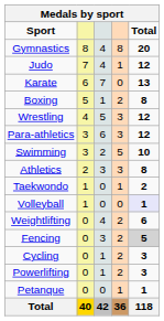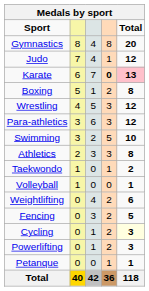 <table class="wikitable" style="font-size:85%; text-align:center;">
 <tr style="background:#efefef;">
 <th colspan=5>Medals by sport</th>
 </tr>
 <tr>
 <td><strong>Sport</strong></td>
 <td style="background:#f7f6a8;"></td>
 <td style="background:#dce5e5;"></td>
 <td style="background:#ffdab9;"></td>
 <td><strong>Total</strong></td>
 </tr>
 <tr>
 <td><a href='#'>Gymnastics</a></td>
 <td style="background:#F7F6A8;">8</td>
 <td style="background:#DCE5E5;">4</td>
 <td style="background:#FFDAB9;">8</td>
 <td><strong>20</strong></td>
 </tr>
 <tr>
 <td><a href='#'>Judo</a></td>
 <td style="background:#F7F6A8;">7</td>
 <td style="background:#DCE5E5;">4</td>
 <td style="background:#FFDAB9;">1</td>
 <td><strong>12</strong></td>
 </tr>
 <tr>
 <td><a href='#'>Karate</a></td>
 <td style="background:#F7F6A8;">6</td>
 <td style="background:#DCE5E5;">7</td>
-<td style="background:#FFDAB9;">0</td>
-<td><strong>13</strong></td>
+<td style="background:#FFDAB9;"><strong>0</strong></td>
+<td style="background: pink;"><strong>13</strong></td>
 </tr>
 <tr>
 <td><a href='#'>Boxing</a></td>
 <td style="background:#F7F6A8;">5</td>
 <td style="background:#DCE5E5;">1</td>
 <td style="background:#FFDAB9;">2</td>
 <td><strong>8</strong></td>
 </tr>
 <tr>
 <td><a href='#'>Wrestling</a></td>
 <td style="background:#F7F6A8;">4</td>
 <td style="background:#DCE5E5;">5</td>
 <td style="background:#FFDAB9;">3</td>
 <td><strong>12</strong></td>
 </tr>
 <tr>
 <td><a href='#'>Para-athletics</a></td>
 <td style="background:#F7F6A8;">3</td>
 <td style="background:#DCE5E5;">6</td>
 <td style="background:#FFDAB9;">3</td>
 <td><strong>12</strong></td>
 </tr>
 <tr>
 <td><a href='#'>Swimming</a></td>
 <td style="background:#F7F6A8;">3</td>
 <td style="background:#DCE5E5;">2</td>
 <td style="background:#FFDAB9;">5</td>
 <td><strong>10</strong></td>
 </tr>
 <tr>
 <td><a href='#'>Athletics</a></td>
 <td style="background:#F7F6A8;">2</td>
 <td style="background:#DCE5E5;">3</td>
 <td style="background:#FFDAB9;">3</td>
 <td><strong>8</strong></td>
 </tr>
 <tr>
 <td><a href='#'>Taekwondo</a></td>
 <td style="background:#F7F6A8;">1</td>
 <td style="background:#DCE5E5;">0</td>
 <td style="background:#FFDAB9;">1</td>
 <td><strong>2</strong></td>
 </tr>
 <tr>
 <td><a href='#'>Volleyball</a></td>
 <td style="background:#F7F6A8;">1</td>
 <td style="background:#DCE5E5;">0</td>
 <td style="background:#FFDAB9;">0</td>
-<td style="background: lavender;"><strong>1</strong></td>
+<td><strong>1</strong></td>
 </tr>
 <tr>
 <td><a href='#'>Weightlifting</a></td>
 <td style="background:#F7F6A8;">0</td>
 <td style="background:#DCE5E5;">4</td>
 <td style="background:#FFDAB9;">2</td>
 <td><strong>6</strong></td>
 </tr>
 <tr>
 <td><a href='#'>Fencing</a></td>
 <td style="background:#F7F6A8;">0</td>
 <td style="background:#DCE5E5;">3</td>
 <td style="background:#FFDAB9;">2</td>
-<td style="background: lightgrey;"><strong>5</strong></td>
+<td><strong>5</strong></td>
 </tr>
 <tr>
 <td><a href='#'>Cycling</a></td>
 <td style="background:#F7F6A8;">0</td>
 <td style="background:#DCE5E5;">1</td>
 <td style="background:#FFDAB9;">2</td>
-<td><strong>3</strong></td>
+<td style="background: lightyellow;"><strong>3</strong></td>
 </tr>
 <tr>
 <td><a href='#'>Powerlifting</a></td>
 <td style="background:#F7F6A8;">0</td>
 <td style="background:#DCE5E5;">1</td>
 <td style="background:#FFDAB9;">2</td>
 <td><strong>3</strong></td>
 </tr>
 <tr>
 <td><a href='#'>Petanque</a></td>
 <td style="background:#F7F6A8;">0</td>
 <td style="background:#DCE5E5;">0</td>
 <td style="background:#FFDAB9;">1</td>
 <td><strong>1</strong></td>
 </tr>
 <tr>
 <th>Total</th>
 <th style="background:gold;">40</th>
 <th style="background:silver;">42</th>
 <th style="background:#c96;">36</th>
 <th>118</th>
 </tr>
 </table>
